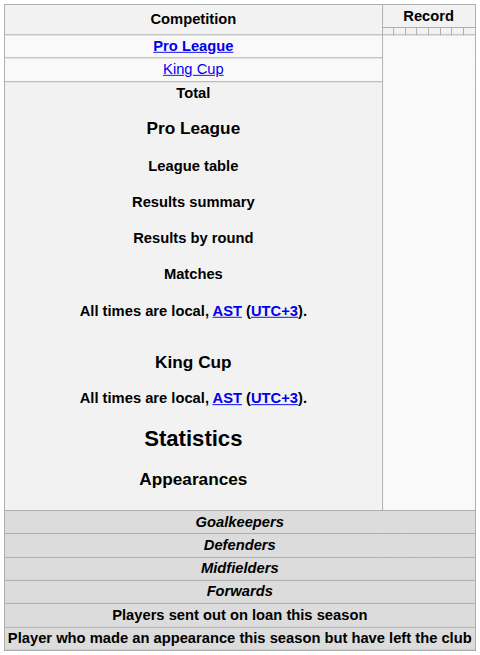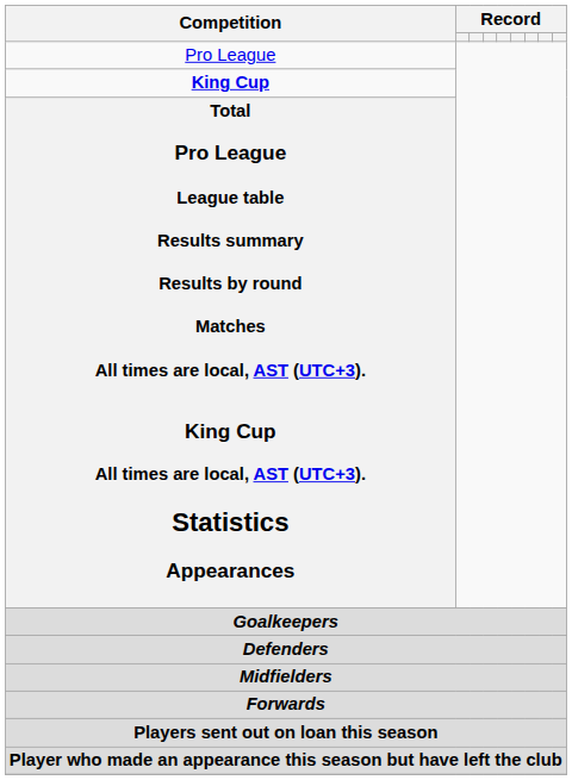 <table class="wikitable" style="text-align: center">
 <tr>
 <th rowspan=2>Competition</th>
 <th colspan=8>Record</th>
 </tr>
 <tr>
 <th></th>
 <th></th>
 <th></th>
 <th></th>
 <th></th>
 <th></th>
 <th></th>
 <th></th>
 </tr>
 <tr>
-<td><strong><a href='#'>Pro League</a><br></strong></td>
+<td><a href='#'>Pro League</a><br></td>
 </tr>
 <tr>
-<td><a href='#'>King Cup</a><br></td>
+<td><strong><a href='#'>King Cup</a><br></strong></td>
 </tr>
 <tr>
 <th>Total<br> <h3>Pro League</h3><h4>League table</h4><h4>Results summary</h4> <h4>Results by round</h4><h4>Matches</h4>All times are local, <a href='#'>AST</a> (<a href='#'>UTC+3</a>).<br>   <br>                                 <h3>King Cup</h3> All times are local, <a href='#'>AST</a> (<a href='#'>UTC+3</a>).<br> <h2>Statistics</h2><h3>Appearances</h3></th>
 </tr>
 <tr>
 <th colspan=12 style=background:#dcdcdc; text-align:center><em>Goalkeepers</em><br>   </th>
 </tr>
 <tr>
 <th colspan=12 style=background:#dcdcdc; text-align:center><em>Defenders</em><br>         </th>
 </tr>
 <tr>
 <th colspan=12 style=background:#dcdcdc; text-align:center><em>Midfielders</em><br>         </th>
 </tr>
 <tr>
 <th colspan=12 style=background:#dcdcdc; text-align:center><em>Forwards</em><br>   </th>
 </tr>
 <tr>
 <th colspan=16 style=background:#dcdcdc; text-align:center>Players sent out on loan this season<br></th>
 </tr>
 <tr>
 <th colspan=18 style=background:#dcdcdc; text-align:center>Player who made an appearance this season but have left the club<br> </th>
 </tr>
 <tr>
 </tr>
 </table>
